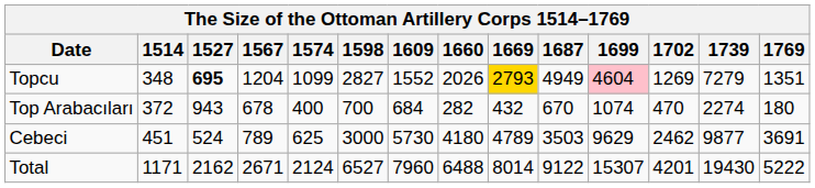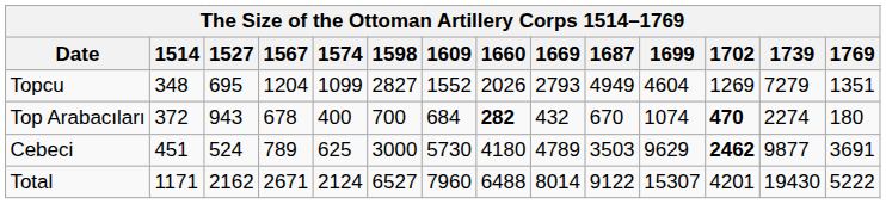 <table class="wikitable">
 <tr>
 <th colspan = 14>The Size of the Ottoman Artillery Corps 1514–1769</th>
 </tr>
 <tr>
 <th>Date</th>
 <th>1514</th>
 <th>1527</th>
 <th>1567</th>
 <th>1574</th>
 <th>1598</th>
 <th>1609</th>
 <th>1660</th>
 <th>1669</th>
 <th>1687</th>
 <th>1699</th>
 <th>1702</th>
 <th>1739</th>
 <th>1769</th>
 </tr>
 <tr>
 <td>Topcu</td>
 <td>348</td>
-<td><strong>695</strong></td>
+<td>695</td>
 <td>1204</td>
 <td>1099</td>
 <td>2827</td>
 <td>1552</td>
 <td>2026</td>
-<td style="background: gold;">2793</td>
+<td>2793</td>
 <td>4949</td>
-<td style="background: pink;">4604</td>
+<td>4604</td>
 <td>1269</td>
 <td>7279</td>
 <td>1351</td>
 </tr>
 <tr>
 <td>Top Arabacıları</td>
 <td>372</td>
 <td>943</td>
 <td>678</td>
 <td>400</td>
 <td>700</td>
 <td>684</td>
-<td>282</td>
+<td><strong>282</strong></td>
 <td>432</td>
 <td>670</td>
 <td>1074</td>
-<td>470</td>
+<td><strong>470</strong></td>
 <td>2274</td>
 <td>180</td>
 </tr>
 <tr>
 <td>Cebeci</td>
 <td>451</td>
 <td>524</td>
 <td>789</td>
 <td>625</td>
 <td>3000</td>
 <td>5730</td>
 <td>4180</td>
 <td>4789</td>
 <td>3503</td>
 <td>9629</td>
-<td>2462</td>
+<td><strong>2462</strong></td>
 <td>9877</td>
 <td>3691</td>
 </tr>
 <tr>
 <td>Total</td>
 <td>1171</td>
 <td>2162</td>
 <td>2671</td>
 <td>2124</td>
 <td>6527</td>
 <td>7960</td>
 <td>6488</td>
 <td>8014</td>
 <td>9122</td>
 <td>15307</td>
 <td>4201</td>
 <td>19430</td>
 <td>5222</td>
 </tr>
 </table>
